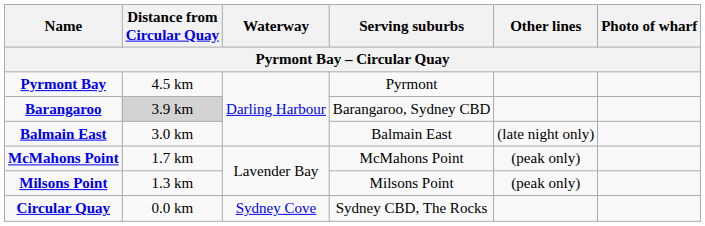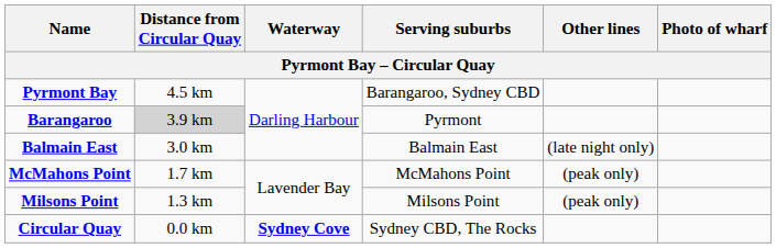 <table class="wikitable" style="font-size:95%; text-align:center;">
 <tr>
 <th>Name</th>
 <th>Distance from<br><a href='#'>Circular Quay</a></th>
 <th>Waterway</th>
 <th>Serving suburbs</th>
 <th>Other lines</th>
 <th>Photo of wharf</th>
 </tr>
 <tr>
 <th colspan="7" style="background:#"><span>Pyrmont Bay – Circular Quay</span></th>
 </tr>
 <tr>
 <td><strong><a href='#'>Pyrmont Bay</a></strong></td>
 <td>4.5 km</td>
 <td rowspan="3"><a href='#'>Darling Harbour</a></td>
-<td>Pyrmont</td>
+<td>Barangaroo, Sydney CBD</td>
 <td></td>
 <td></td>
 </tr>
 <tr>
 <td><strong><a href='#'>Barangaroo</a></strong></td>
 <td style="background: lightgrey;">3.9 km</td>
-<td>Barangaroo, Sydney CBD</td>
+<td>Pyrmont</td>
 <td></td>
 <td></td>
 </tr>
 <tr>
 <td><strong><a href='#'>Balmain East</a></strong></td>
 <td>3.0 km</td>
 <td>Balmain East</td>
 <td>(late night only)</td>
 <td></td>
 </tr>
 <tr>
 <td><strong><a href='#'>McMahons Point</a></strong></td>
 <td>1.7 km</td>
 <td rowspan="2">Lavender Bay</td>
 <td>McMahons Point</td>
 <td>(peak only)</td>
 <td></td>
 </tr>
 <tr>
 <td><strong><a href='#'>Milsons Point</a></strong></td>
 <td>1.3 km</td>
 <td>Milsons Point</td>
 <td>(peak only)</td>
 <td></td>
 </tr>
 <tr>
 <td><strong><a href='#'>Circular Quay</a></strong></td>
 <td>0.0 km</td>
-<td><a href='#'>Sydney Cove</a></td>
+<td><strong><a href='#'>Sydney Cove</a></strong></td>
 <td>Sydney CBD, The Rocks</td>
 <td></td>
 <td></td>
 </tr>
 </table>
